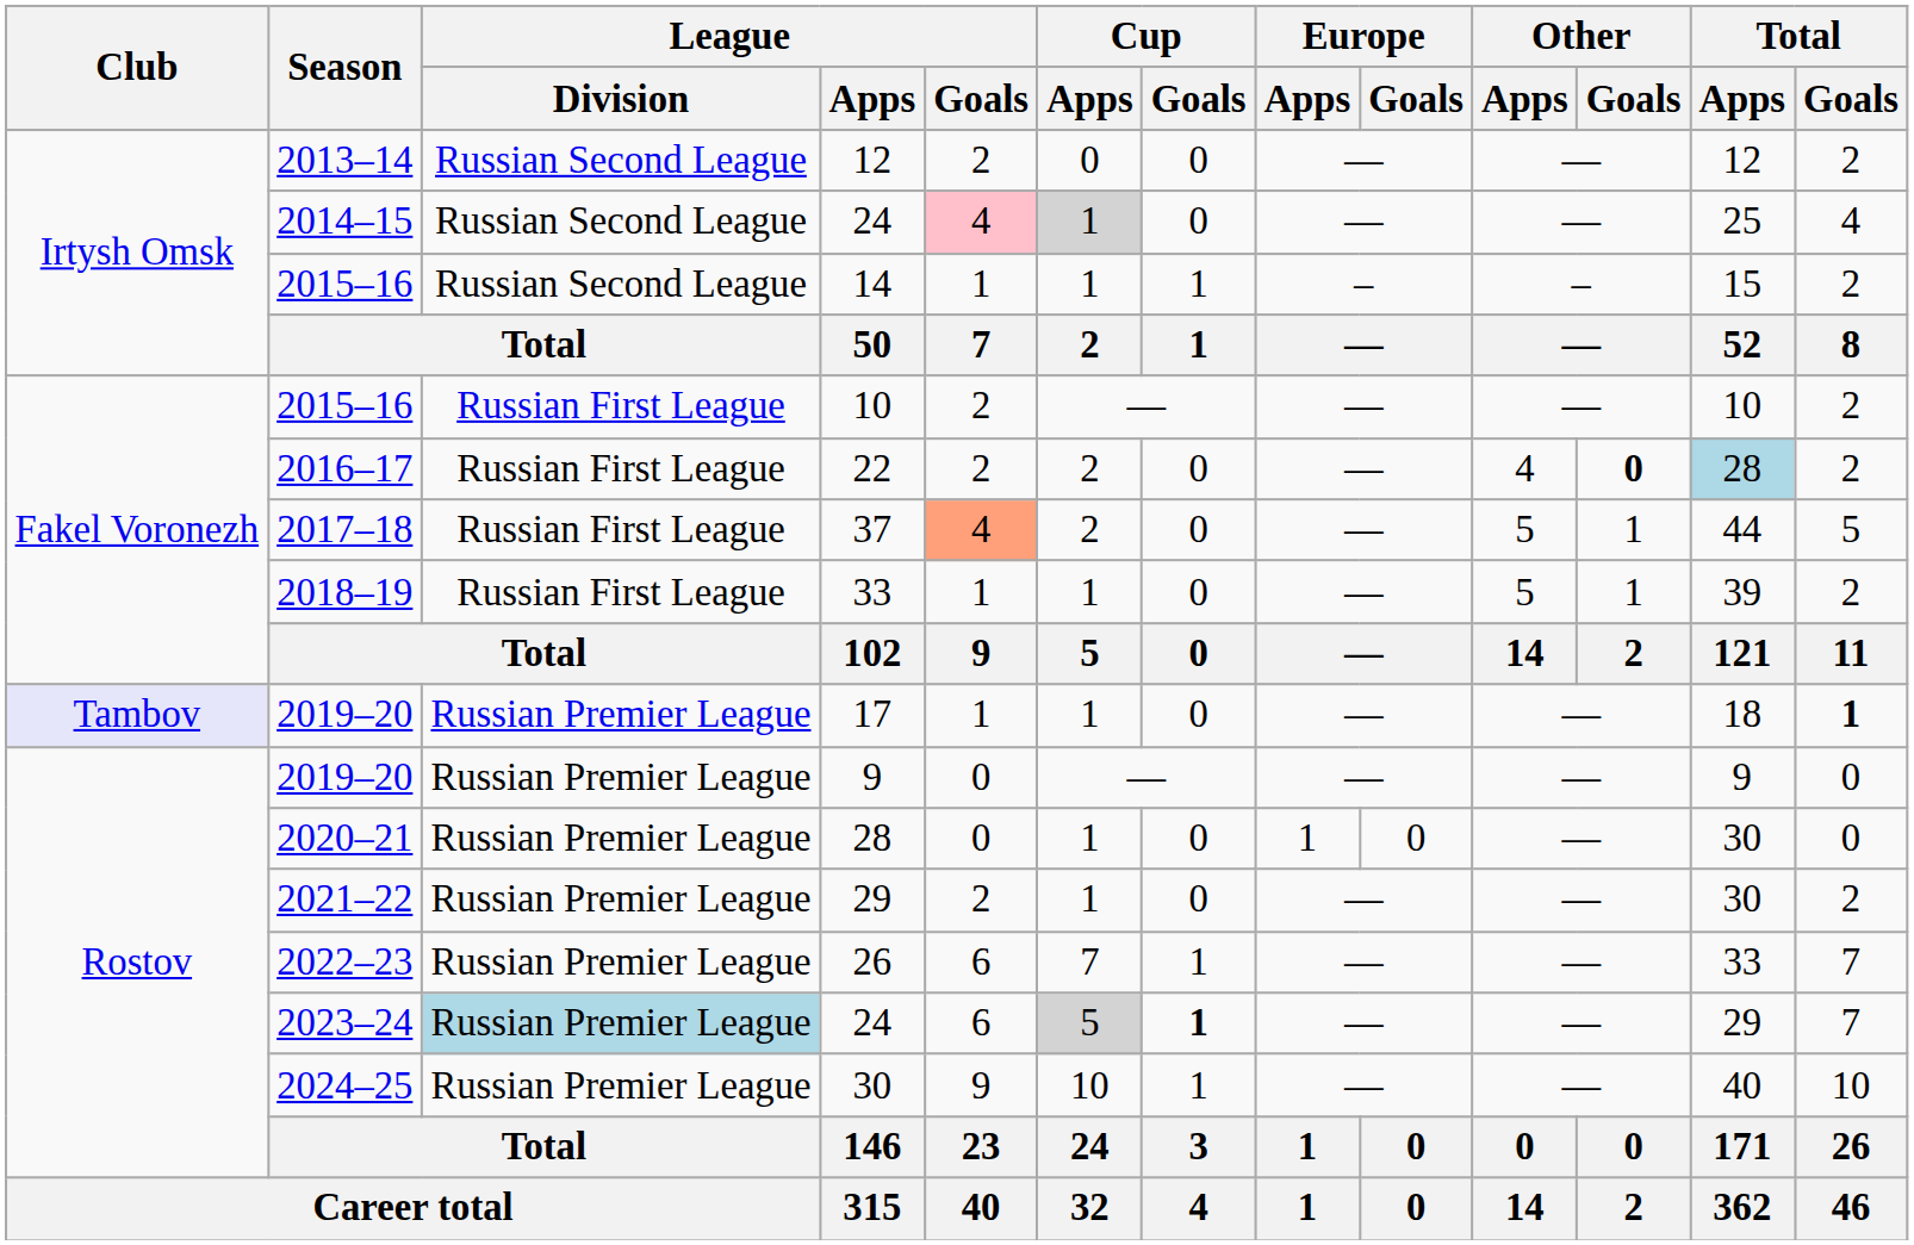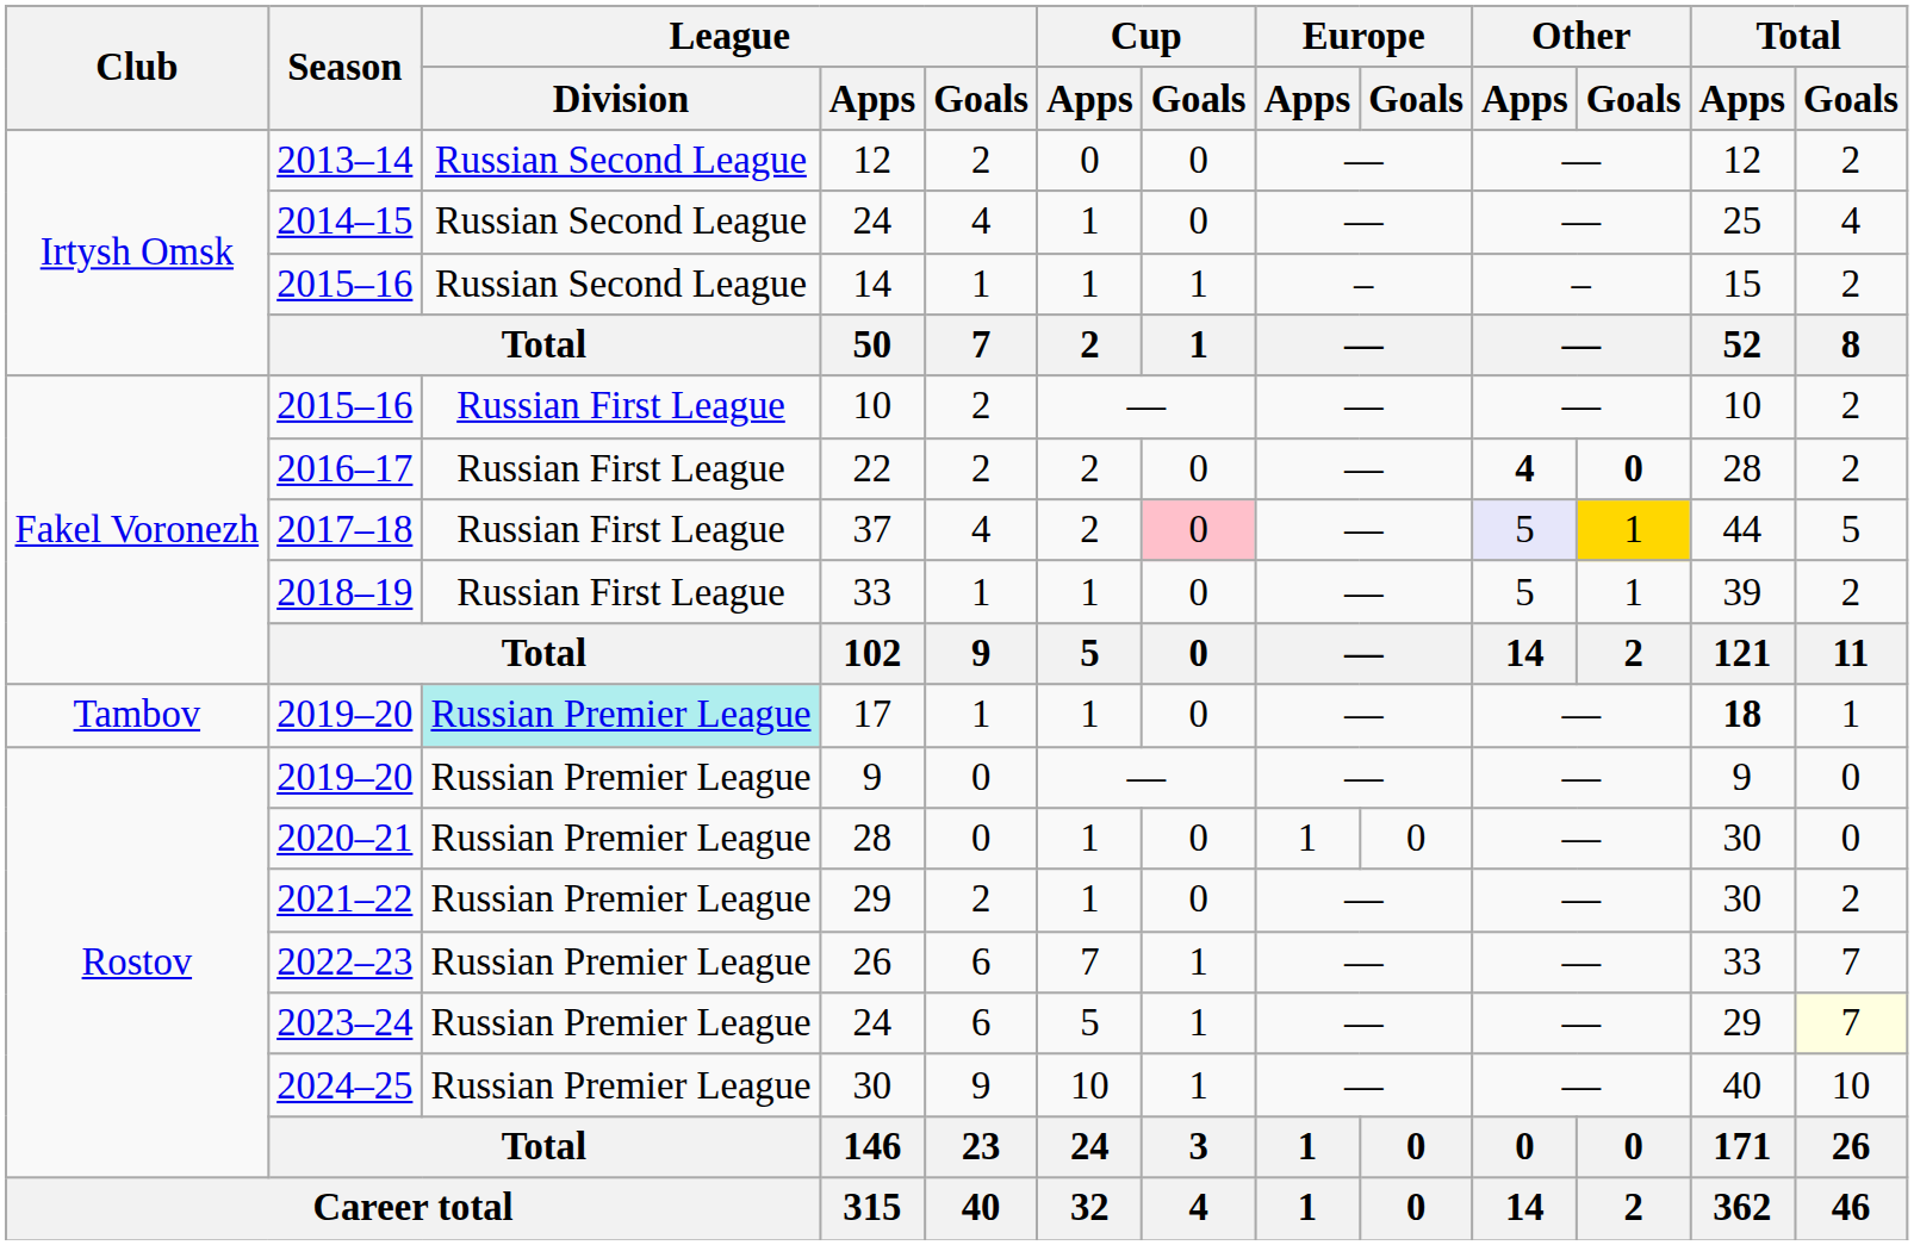 <table class="wikitable" style="text-align: center;">
 <tr>
 <th rowspan="2">Club</th>
 <th rowspan="2">Season</th>
 <th colspan="3">League</th>
 <th colspan="2">Cup</th>
 <th colspan="2">Europe</th>
 <th colspan="2">Other</th>
 <th colspan="2">Total</th>
 </tr>
 <tr>
 <th>Division</th>
 <th>Apps</th>
 <th>Goals</th>
 <th>Apps</th>
 <th>Goals</th>
 <th>Apps</th>
 <th>Goals</th>
 <th>Apps</th>
 <th>Goals</th>
 <th>Apps</th>
 <th>Goals</th>
 </tr>
 <tr>
 <td rowspan="4"><a href='#'>Irtysh Omsk</a></td>
 <td><a href='#'>2013–14</a></td>
 <td><a href='#'>Russian Second League</a></td>
 <td>12</td>
 <td>2</td>
 <td>0</td>
 <td>0</td>
 <td colspan="2">—</td>
 <td colspan="2">—</td>
 <td>12</td>
 <td>2</td>
 </tr>
 <tr>
 <td><a href='#'>2014–15</a></td>
 <td>Russian Second League</td>
 <td>24</td>
-<td style="background: pink;">4</td>
-<td style="background: lightgrey;">1</td>
+<td>4</td>
+<td>1</td>
 <td>0</td>
 <td colspan="2">—</td>
 <td colspan="2">—</td>
 <td>25</td>
 <td>4</td>
 </tr>
 <tr>
 <td><a href='#'>2015–16</a></td>
 <td>Russian Second League</td>
 <td>14</td>
 <td>1</td>
 <td>1</td>
 <td>1</td>
 <td colspan=2>–</td>
 <td colspan=2>–</td>
 <td>15</td>
 <td>2</td>
 </tr>
 <tr>
 <th colspan="2">Total</th>
 <th>50</th>
 <th>7</th>
 <th>2</th>
 <th>1</th>
 <th colspan="2">—</th>
 <th colspan="2">—</th>
 <th>52</th>
 <th>8</th>
 </tr>
 <tr>
 <td rowspan="5"><a href='#'>Fakel Voronezh</a></td>
 <td><a href='#'>2015–16</a></td>
 <td><a href='#'>Russian First League</a></td>
 <td>10</td>
 <td>2</td>
 <td colspan="2">—</td>
 <td colspan="2">—</td>
 <td colspan="2">—</td>
 <td>10</td>
 <td>2</td>
 </tr>
 <tr>
 <td><a href='#'>2016–17</a></td>
 <td>Russian First League</td>
 <td>22</td>
 <td>2</td>
 <td>2</td>
 <td>0</td>
 <td colspan="2">—</td>
-<td>4</td>
+<td><strong>4</strong></td>
 <td><strong>0</strong></td>
-<td style="background: lightblue;">28</td>
+<td>28</td>
 <td>2</td>
 </tr>
 <tr>
 <td><a href='#'>2017–18</a></td>
 <td>Russian First League</td>
 <td>37</td>
-<td style="background: lightsalmon;">4</td>
+<td>4</td>
 <td>2</td>
-<td>0</td>
+<td style="background: pink;">0</td>
 <td colspan="2">—</td>
-<td>5</td>
-<td>1</td>
+<td style="background: lavender;">5</td>
+<td style="background: gold;">1</td>
 <td>44</td>
 <td>5</td>
 </tr>
 <tr>
 <td><a href='#'>2018–19</a></td>
 <td>Russian First League</td>
 <td>33</td>
 <td>1</td>
 <td>1</td>
 <td>0</td>
 <td colspan="2">—</td>
 <td>5</td>
 <td>1</td>
 <td>39</td>
 <td>2</td>
 </tr>
 <tr>
 <th colspan="2">Total</th>
 <th>102</th>
 <th>9</th>
 <th>5</th>
 <th>0</th>
 <th colspan="2">—</th>
 <th>14</th>
 <th>2</th>
 <th>121</th>
 <th>11</th>
 </tr>
 <tr>
-<td style="background: lavender;"><a href='#'>Tambov</a></td>
+<td><a href='#'>Tambov</a></td>
 <td><a href='#'>2019–20</a></td>
-<td><a href='#'>Russian Premier League</a></td>
+<td style="background: paleturquoise;"><a href='#'>Russian Premier League</a></td>
 <td>17</td>
 <td>1</td>
 <td>1</td>
 <td>0</td>
 <td colspan="2">—</td>
 <td colspan="2">—</td>
-<td>18</td>
-<td><strong>1</strong></td>
+<td><strong>18</strong></td>
+<td>1</td>
 </tr>
 <tr>
 <td rowspan="7"><a href='#'>Rostov</a></td>
 <td><a href='#'>2019–20</a></td>
 <td>Russian Premier League</td>
 <td>9</td>
 <td>0</td>
 <td colspan="2">—</td>
 <td colspan="2">—</td>
 <td colspan="2">—</td>
 <td>9</td>
 <td>0</td>
 </tr>
 <tr>
 <td><a href='#'>2020–21</a></td>
 <td>Russian Premier League</td>
 <td>28</td>
 <td>0</td>
 <td>1</td>
 <td>0</td>
 <td>1</td>
 <td>0</td>
 <td colspan="2">—</td>
 <td>30</td>
 <td>0</td>
 </tr>
 <tr>
 <td><a href='#'>2021–22</a></td>
 <td>Russian Premier League</td>
 <td>29</td>
 <td>2</td>
 <td>1</td>
 <td>0</td>
 <td colspan="2">—</td>
 <td colspan="2">—</td>
 <td>30</td>
 <td>2</td>
 </tr>
 <tr>
 <td><a href='#'>2022–23</a></td>
 <td>Russian Premier League</td>
 <td>26</td>
 <td>6</td>
 <td>7</td>
 <td>1</td>
 <td colspan="2">—</td>
 <td colspan="2">—</td>
 <td>33</td>
 <td>7</td>
 </tr>
 <tr>
 <td><a href='#'>2023–24</a></td>
-<td style="background: lightblue;">Russian Premier League</td>
+<td>Russian Premier League</td>
 <td>24</td>
 <td>6</td>
-<td style="background: lightgrey;">5</td>
-<td><strong>1</strong></td>
+<td>5</td>
+<td>1</td>
 <td colspan="2">—</td>
 <td colspan="2">—</td>
 <td>29</td>
-<td>7</td>
+<td style="background: lightyellow;">7</td>
 </tr>
 <tr>
 <td><a href='#'>2024–25</a></td>
 <td>Russian Premier League</td>
 <td>30</td>
 <td>9</td>
 <td>10</td>
 <td>1</td>
 <td colspan="2">—</td>
 <td colspan="2">—</td>
 <td>40</td>
 <td>10</td>
 </tr>
 <tr>
 <th colspan="2">Total</th>
 <th>146</th>
 <th>23</th>
 <th>24</th>
 <th>3</th>
 <th>1</th>
 <th>0</th>
 <th>0</th>
 <th>0</th>
 <th>171</th>
 <th>26</th>
 </tr>
 <tr>
 <th colspan="3">Career total</th>
 <th>315</th>
 <th>40</th>
 <th>32</th>
 <th>4</th>
 <th>1</th>
 <th>0</th>
 <th>14</th>
 <th>2</th>
 <th>362</th>
 <th>46</th>
 </tr>
 </table>
